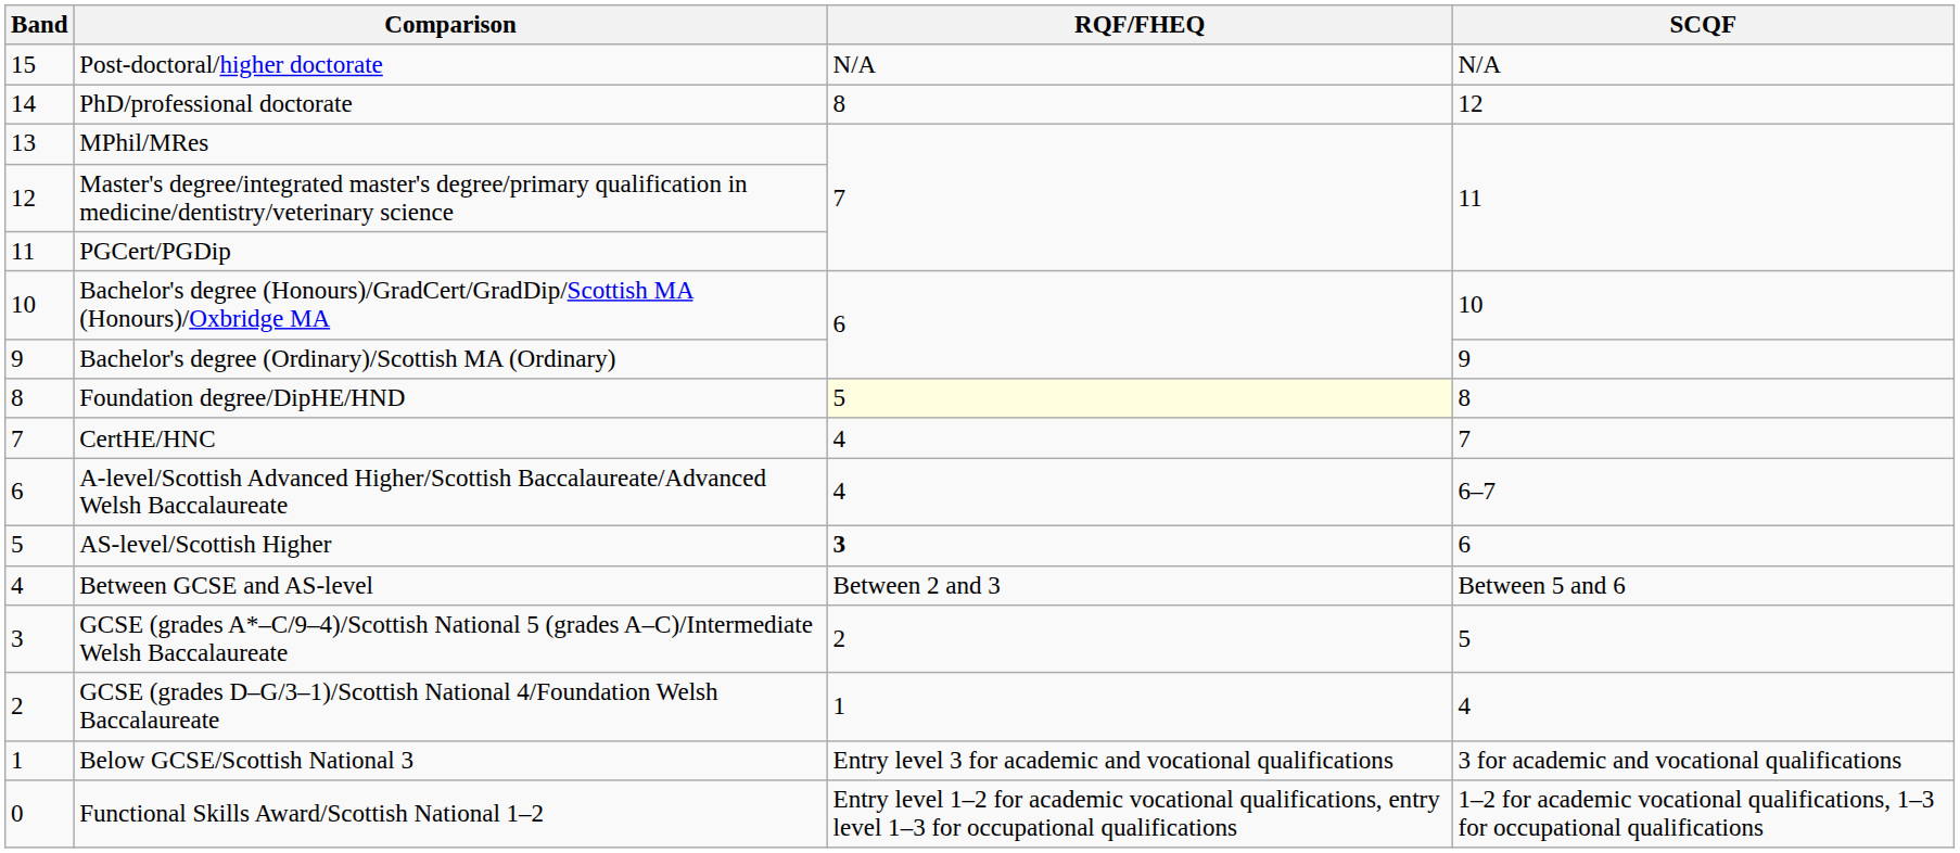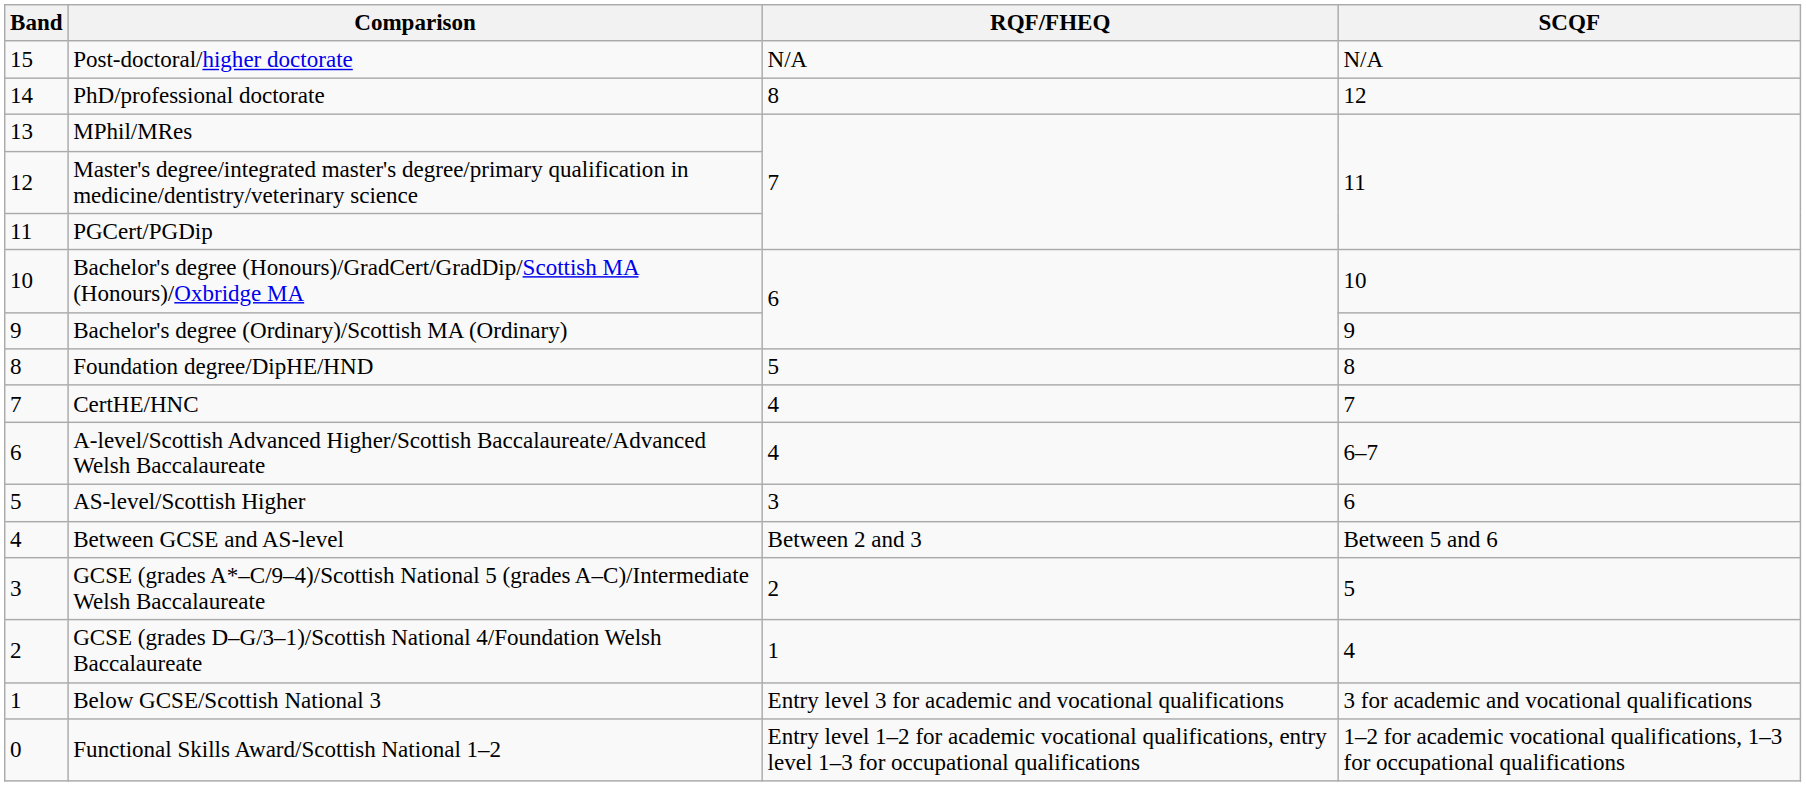 <table class="wikitable">
 <tr>
 <th>Band</th>
 <th>Comparison</th>
 <th>RQF/FHEQ</th>
 <th>SCQF</th>
 </tr>
 <tr>
 <td>15</td>
 <td>Post-doctoral/<a href='#'>higher doctorate</a></td>
 <td>N/A</td>
 <td>N/A</td>
 </tr>
 <tr>
 <td>14</td>
 <td>PhD/professional doctorate</td>
 <td>8</td>
 <td>12</td>
 </tr>
 <tr>
 <td>13</td>
 <td>MPhil/MRes</td>
 <td rowspan=3>7</td>
 <td rowspan=3>11</td>
 </tr>
 <tr>
 <td>12</td>
 <td>Master's degree/integrated master's degree/primary qualification in medicine/dentistry/veterinary science</td>
 </tr>
 <tr>
 <td>11</td>
 <td>PGCert/PGDip</td>
 </tr>
 <tr>
 <td>10</td>
 <td>Bachelor's degree (Honours)/GradCert/GradDip/<a href='#'>Scottish MA</a> (Honours)/<a href='#'>Oxbridge MA</a></td>
 <td rowspan=2>6</td>
 <td>10</td>
 </tr>
 <tr>
 <td>9</td>
 <td>Bachelor's degree (Ordinary)/Scottish MA (Ordinary)</td>
 <td>9</td>
 </tr>
 <tr>
 <td>8</td>
 <td>Foundation degree/DipHE/HND</td>
-<td style="background: lightyellow;">5</td>
+<td>5</td>
 <td>8</td>
 </tr>
 <tr>
 <td>7</td>
 <td>CertHE/HNC</td>
 <td>4</td>
 <td>7</td>
 </tr>
 <tr>
 <td>6</td>
 <td>A-level/Scottish Advanced Higher/Scottish Baccalaureate/Advanced Welsh Baccalaureate</td>
 <td>4</td>
 <td>6–7</td>
 </tr>
 <tr>
 <td>5</td>
 <td>AS-level/Scottish Higher</td>
-<td><strong>3</strong></td>
+<td>3</td>
 <td>6</td>
 </tr>
 <tr>
 <td>4</td>
 <td>Between GCSE and AS-level</td>
 <td>Between 2 and 3</td>
 <td>Between 5 and 6</td>
 </tr>
 <tr>
 <td>3</td>
 <td>GCSE (grades A*–C/9–4)/Scottish National 5 (grades A–C)/Intermediate Welsh Baccalaureate</td>
 <td>2</td>
 <td>5</td>
 </tr>
 <tr>
 <td>2</td>
 <td>GCSE (grades D–G/3–1)/Scottish National 4/Foundation Welsh Baccalaureate</td>
 <td>1</td>
 <td>4</td>
 </tr>
 <tr>
 <td>1</td>
 <td>Below GCSE/Scottish National 3</td>
 <td>Entry level 3 for academic and vocational qualifications</td>
 <td>3 for academic and vocational qualifications</td>
 </tr>
 <tr>
 <td>0</td>
 <td>Functional Skills Award/Scottish National 1–2</td>
 <td>Entry level 1–2 for academic vocational qualifications, entry level 1–3 for occupational qualifications</td>
 <td>1–2 for academic vocational qualifications,  1–3 for occupational qualifications</td>
 </tr>
 </table>
